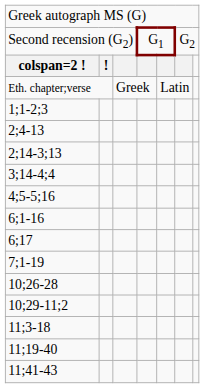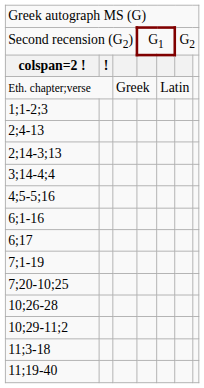 <table class="wikitable" style="float:right; clear:right;margin-left:1em">
 <tr>
 <td colspan=7>Greek autograph MS (G)</td>
 </tr>
 <tr style="text-align: center;">
 <td colspan=3>Second recension (G<sub>2</sub>)</td>
 <td colspan=2 style="border:solid 3px Maroon">G<sub>1</sub> </td>
 <td colspan=2>G<sub>2</sub></td>
 </tr>
 <tr>
 <th>colspan=2 ! </th>
 <th>! </th>
 <th></th>
 <th></th>
 <th></th>
 <th></th>
 </tr>
 <tr>
 <td colspan=2><small>Eth. chapter;verse</small></td>
 <td colspan=2>Greek</td>
 <td colspan=2>Latin</td>
 <td></td>
 </tr>
 <tr>
 <td>1;1-2;3</td>
 <td></td>
 <td></td>
 <td></td>
 <td></td>
 <td></td>
 <td></td>
 </tr>
 <tr>
 <td>2;4-13</td>
 <td></td>
 <td></td>
 <td></td>
 <td></td>
 <td></td>
 <td></td>
 </tr>
 <tr>
 <td>2;14-3;13</td>
 <td></td>
 <td></td>
 <td></td>
 <td></td>
 <td></td>
 <td></td>
 </tr>
 <tr>
 <td>3;14-4;4</td>
 <td></td>
 <td></td>
 <td></td>
 <td></td>
 <td></td>
 <td></td>
 </tr>
 <tr>
 <td>4;5-5;16</td>
 <td></td>
 <td></td>
 <td></td>
 <td></td>
 <td></td>
 <td></td>
 </tr>
 <tr>
 <td>6;1-16</td>
 <td></td>
 <td></td>
 <td></td>
 <td></td>
 <td></td>
 <td></td>
 </tr>
 <tr>
 <td>6;17</td>
 <td></td>
 <td></td>
 <td></td>
 <td></td>
 <td></td>
 <td></td>
 </tr>
 <tr>
 <td>7;1-19</td>
 <td></td>
 <td></td>
 <td></td>
 <td></td>
 <td></td>
 <td></td>
 </tr>
 <tr>
+<td>7;20-10;25</td>
+<td></td>
+<td></td>
+<td></td>
+<td></td>
+<td></td>
+<td></td>
+</tr>
+<tr>
 <td>10;26-28</td>
 <td></td>
 <td></td>
 <td></td>
 <td></td>
 <td></td>
 <td></td>
 </tr>
 <tr>
 <td>10;29-11;2</td>
 <td></td>
 <td></td>
 <td></td>
 <td></td>
 <td></td>
 <td></td>
 </tr>
 <tr>
 <td>11;3-18</td>
 <td></td>
 <td></td>
 <td></td>
 <td></td>
 <td></td>
 <td></td>
 </tr>
 <tr>
 <td>11;19-40</td>
 <td></td>
 <td></td>
 <td></td>
 <td></td>
 <td></td>
 <td></td>
 </tr>
-<tr>
-<td>11;41-43</td>
-<td></td>
-<td></td>
-<td></td>
-<td></td>
-<td></td>
-<td></td>
-</tr>
 </table>
